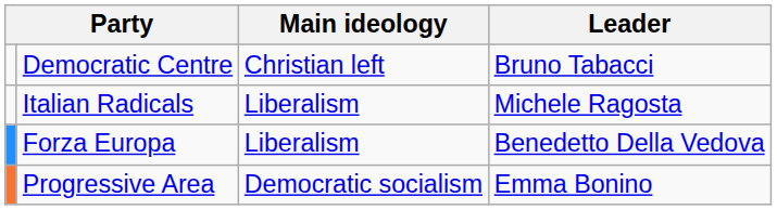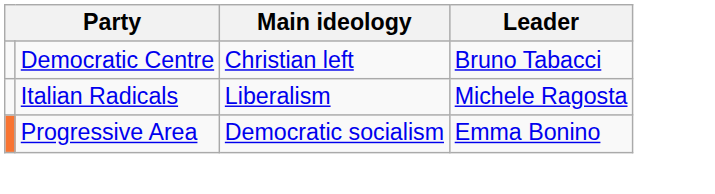 <table class="wikitable">
 <tr>
 <th colspan=2>Party</th>
 <th>Main ideology</th>
 <th>Leader</th>
 </tr>
 <tr>
 <td style="background:"></td>
 <td><a href='#'>Democratic Centre</a></td>
 <td><a href='#'>Christian left</a></td>
 <td><a href='#'>Bruno Tabacci</a></td>
 </tr>
 <tr>
 <td style="background:"></td>
 <td><a href='#'>Italian Radicals</a></td>
 <td><a href='#'>Liberalism</a></td>
 <td><a href='#'>Michele Ragosta</a></td>
 </tr>
 <tr>
-<td style="background:#1e90ff;"></td>
-<td><a href='#'>Forza Europa</a></td>
-<td><a href='#'>Liberalism</a></td>
-<td><a href='#'>Benedetto Della Vedova</a></td>
-</tr>
-<tr>
 <td style="background:#F87432;"></td>
 <td><a href='#'>Progressive Area</a></td>
 <td><a href='#'>Democratic socialism</a></td>
 <td><a href='#'>Emma Bonino</a></td>
 </tr>
 </table>
